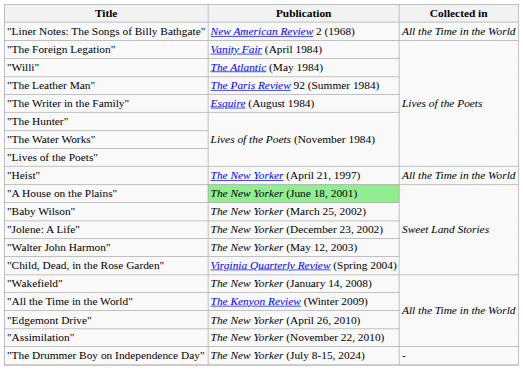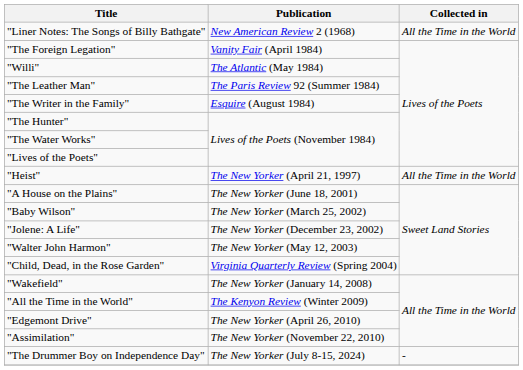 <table class="wikitable">
 <tr>
 <th>Title</th>
 <th>Publication</th>
 <th>Collected in</th>
 </tr>
 <tr>
 <td>"Liner Notes: The Songs of Billy Bathgate"</td>
 <td><em><a href='#'>New American Review</a></em> 2 (1968)</td>
 <td><em>All the Time in the World</em></td>
 </tr>
 <tr>
 <td>"The Foreign Legation"</td>
 <td><em><a href='#'>Vanity Fair</a></em> (April 1984)</td>
 <td rowspan=7><em>Lives of the Poets</em></td>
 </tr>
 <tr>
 <td>"Willi"</td>
 <td><em><a href='#'>The Atlantic</a></em> (May 1984)</td>
 </tr>
 <tr>
 <td>"The Leather Man"</td>
 <td><em><a href='#'>The Paris Review</a></em> 92 (Summer 1984)</td>
 </tr>
 <tr>
 <td>"The Writer in the Family"</td>
 <td><em><a href='#'>Esquire</a></em> (August 1984)</td>
 </tr>
 <tr>
 <td>"The Hunter"</td>
 <td rowspan=3><em>Lives of the Poets</em> (November 1984)</td>
 </tr>
 <tr>
 <td>"The Water Works"</td>
 </tr>
 <tr>
 <td>"Lives of the Poets"</td>
 </tr>
 <tr>
 <td>"Heist"</td>
 <td><em><a href='#'>The New Yorker</a></em> (April 21, 1997)</td>
 <td><em>All the Time in the World</em></td>
 </tr>
 <tr>
 <td>"A House on the Plains"</td>
-<td style="background: lightgreen;"><em>The New Yorker</em> (June 18, 2001)</td>
+<td><em>The New Yorker</em> (June 18, 2001)</td>
 <td rowspan=5><em>Sweet Land Stories</em></td>
 </tr>
 <tr>
 <td>"Baby Wilson"</td>
 <td><em>The New Yorker</em> (March 25, 2002)</td>
 </tr>
 <tr>
 <td>"Jolene: A Life"</td>
 <td><em>The New Yorker</em> (December 23, 2002)</td>
 </tr>
 <tr>
 <td>"Walter John Harmon"</td>
 <td><em>The New Yorker</em> (May 12, 2003)</td>
 </tr>
 <tr>
 <td>"Child, Dead, in the Rose Garden"</td>
 <td><em><a href='#'>Virginia Quarterly Review</a></em> (Spring 2004)</td>
 </tr>
 <tr>
 <td>"Wakefield"</td>
 <td><em>The New Yorker</em> (January 14, 2008)</td>
 <td rowspan=4><em>All the Time in the World</em></td>
 </tr>
 <tr>
 <td>"All the Time in the World"</td>
 <td><em><a href='#'>The Kenyon Review</a></em> (Winter 2009)</td>
 </tr>
 <tr>
 <td>"Edgemont Drive"</td>
 <td><em>The New Yorker</em> (April 26, 2010)</td>
 </tr>
 <tr>
 <td>"Assimilation"</td>
 <td><em>The New Yorker</em> (November 22, 2010)</td>
 </tr>
 <tr>
 <td>"The Drummer Boy on Independence Day"</td>
 <td><em>The New Yorker</em> (July 8-15, 2024)</td>
 <td>-</td>
 </tr>
 <tr>
 </tr>
 </table>
